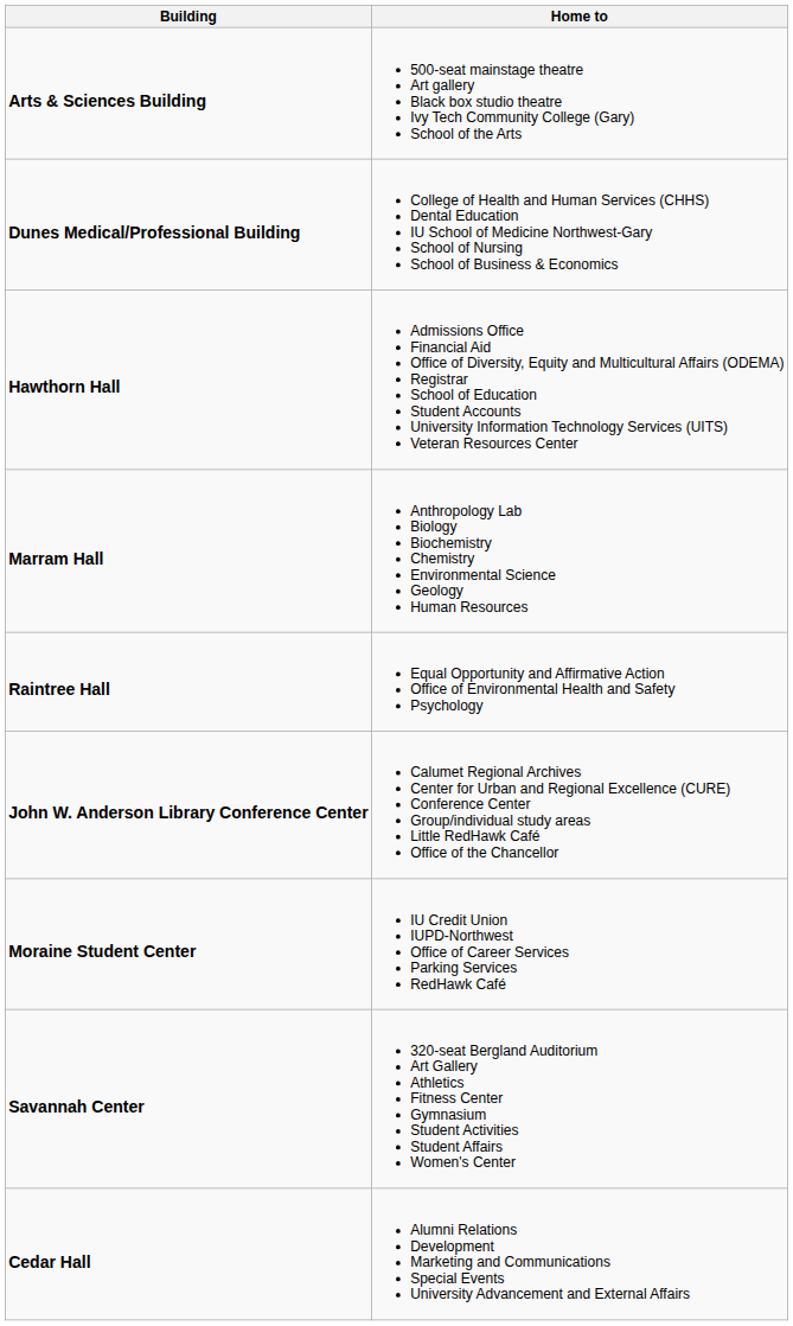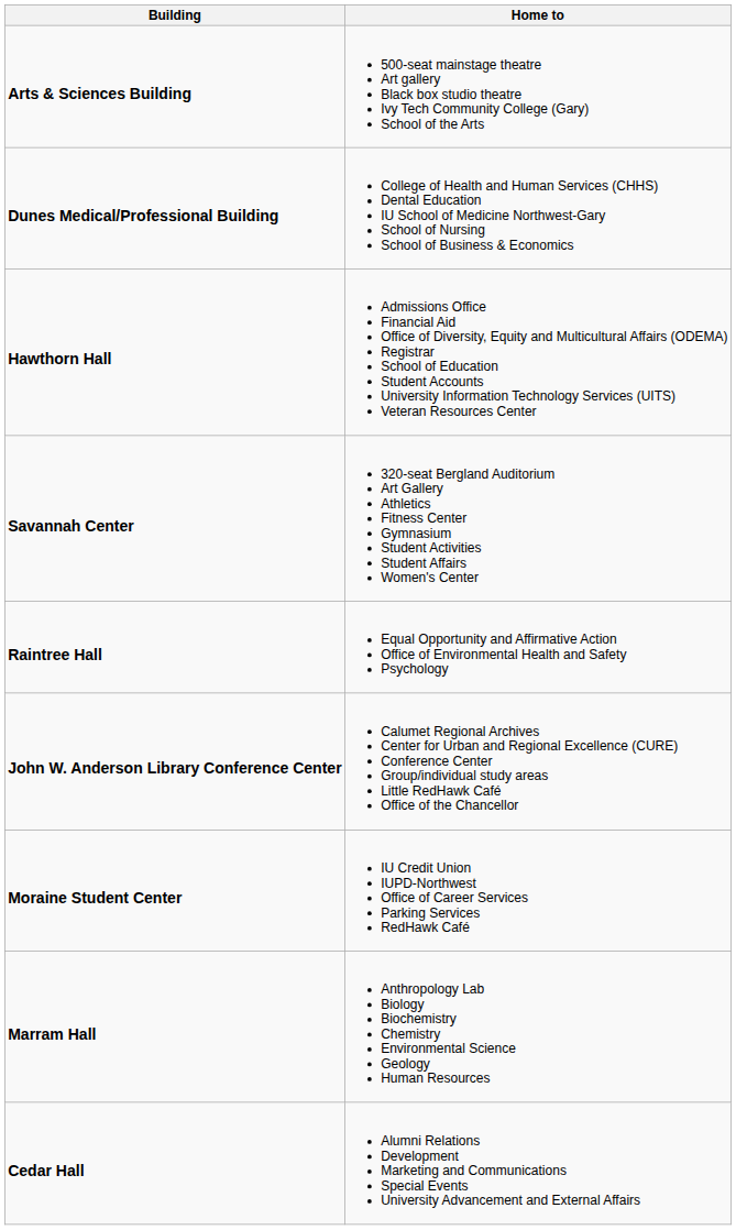 <table class="wikitable">
 <tr>
 <th><strong>Building</strong></th>
 <th>Home to</th>
 </tr>
 <tr>
 <td><br><h3>Arts & Sciences Building</h3></td>
 <td><br><ul><li>500-seat mainstage theatre</li><li>Art gallery</li><li>Black box studio theatre</li><li>Ivy Tech Community College (Gary)</li><li>School of the Arts</li></ul></td>
 </tr>
 <tr>
 <td><br><h3>Dunes Medical/Professional Building</h3></td>
 <td><br><ul><li>College of Health and Human Services (CHHS)</li><li>Dental Education</li><li>IU School of Medicine Northwest-Gary</li><li>School of Nursing</li><li>School of Business & Economics</li></ul></td>
 </tr>
 <tr>
 <td><br><h3>Hawthorn Hall</h3></td>
 <td><br><ul><li>Admissions Office</li><li>Financial Aid</li><li>Office of Diversity, Equity and Multicultural Affairs (ODEMA)</li><li>Registrar</li><li>School of Education</li><li>Student Accounts</li><li>University Information Technology Services (UITS)</li><li>Veteran Resources Center</li></ul></td>
 </tr>
 <tr>
-<td><br><h3>Marram Hall</h3></td>
-<td><br><ul><li>Anthropology Lab</li><li>Biology</li><li>Biochemistry</li><li>Chemistry</li><li>Environmental Science</li><li>Geology</li><li>Human Resources</li></ul></td>
+<td><br><h3>Savannah Center</h3></td>
+<td><br><ul><li>320-seat Bergland Auditorium</li><li>Art Gallery</li><li>Athletics</li><li>Fitness Center</li><li>Gymnasium</li><li>Student Activities</li><li>Student Affairs</li><li>Women's Center</li></ul></td>
 </tr>
 <tr>
 <td><br><h3>Raintree Hall</h3></td>
 <td><br><ul><li>Equal Opportunity and Affirmative Action</li><li>Office of Environmental Health and Safety</li><li>Psychology</li></ul></td>
 </tr>
 <tr>
 <td><br><h3>John W. Anderson Library Conference Center</h3></td>
 <td><br><ul><li>Calumet Regional Archives</li><li>Center for Urban and Regional Excellence (CURE)</li><li>Conference Center</li><li>Group/individual study areas</li><li>Little RedHawk Café</li><li>Office of the Chancellor</li></ul></td>
 </tr>
 <tr>
 <td><br><h3>Moraine Student Center</h3></td>
 <td><br><ul><li>IU Credit Union</li><li>IUPD-Northwest</li><li>Office of Career Services</li><li>Parking Services</li><li>RedHawk Café</li></ul></td>
 </tr>
 <tr>
-<td><br><h3>Savannah Center</h3></td>
-<td><br><ul><li>320-seat Bergland Auditorium</li><li>Art Gallery</li><li>Athletics</li><li>Fitness Center</li><li>Gymnasium</li><li>Student Activities</li><li>Student Affairs</li><li>Women's Center</li></ul></td>
+<td><br><h3>Marram Hall</h3></td>
+<td><br><ul><li>Anthropology Lab</li><li>Biology</li><li>Biochemistry</li><li>Chemistry</li><li>Environmental Science</li><li>Geology</li><li>Human Resources</li></ul></td>
 </tr>
 <tr>
 <td><br><h3>Cedar Hall</h3></td>
 <td><br><ul><li>Alumni Relations</li><li>Development</li><li>Marketing and Communications</li><li>Special Events</li><li>University Advancement and External Affairs</li></ul></td>
 </tr>
 </table>
